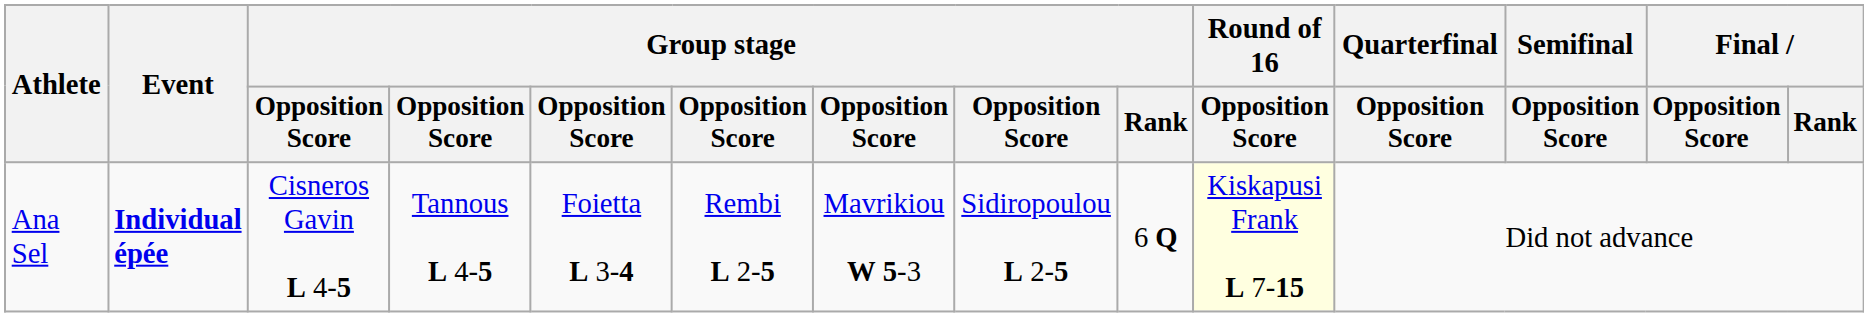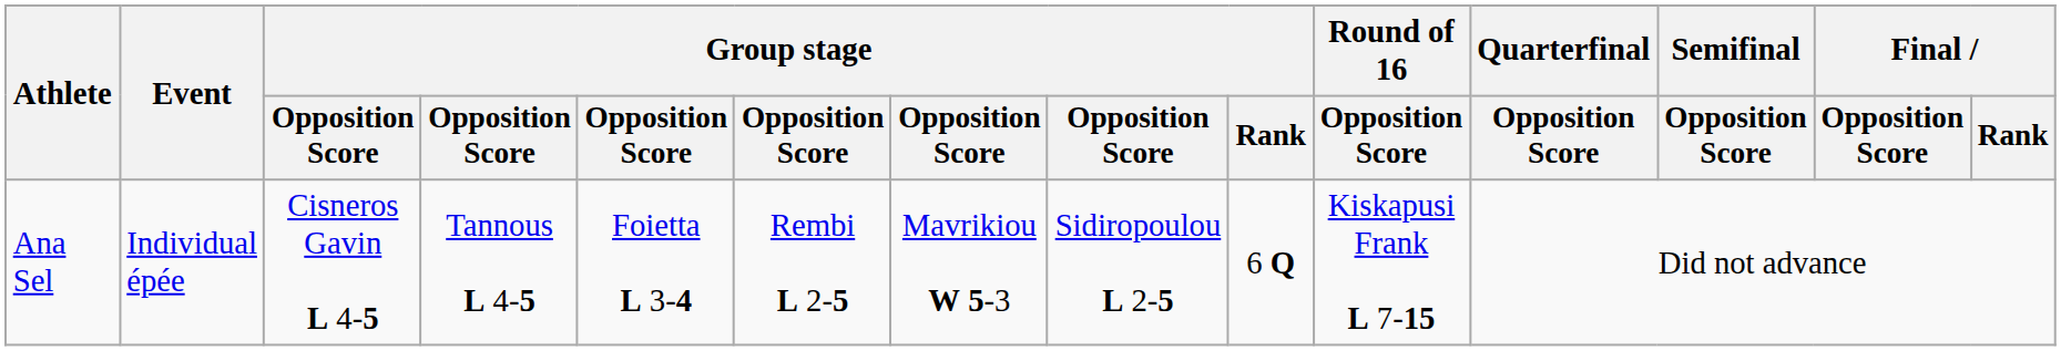 <table class=wikitable style="font-size:90%">
 <tr>
 <th rowspan=2>Athlete</th>
 <th rowspan=2>Event</th>
 <th colspan=7>Group stage</th>
 <th>Round of 16</th>
 <th>Quarterfinal</th>
 <th>Semifinal</th>
 <th colspan=2>Final / </th>
 </tr>
 <tr style="font-size:95%">
 <th>Opposition<br>Score</th>
 <th>Opposition<br>Score</th>
 <th>Opposition<br>Score</th>
 <th>Opposition<br>Score</th>
 <th>Opposition<br>Score</th>
 <th>Opposition<br>Score</th>
 <th>Rank</th>
 <th>Opposition<br>Score</th>
 <th>Opposition<br>Score</th>
 <th>Opposition<br>Score</th>
 <th>Opposition<br>Score</th>
 <th>Rank</th>
 </tr>
 <tr align=center>
 <td align=left><a href='#'>Ana Sel</a></td>
-<td align=left><strong><a href='#'>Individual épée</a></strong></td>
+<td align=left><a href='#'>Individual épée</a></td>
 <td><a href='#'>Cisneros Gavin</a><br><br><strong>L</strong> 4-<strong>5</strong></td>
 <td><a href='#'>Tannous</a><br><br><strong>L</strong> 4-<strong>5</strong></td>
 <td><a href='#'>Foietta</a><br><br><strong>L</strong> 3-<strong>4</strong></td>
 <td><a href='#'>Rembi</a><br><br><strong>L</strong> 2-<strong>5</strong></td>
 <td><a href='#'>Mavrikiou</a><br><br><strong>W</strong> <strong>5</strong>-3</td>
 <td><a href='#'>Sidiropoulou</a><br><br><strong>L</strong> 2-<strong>5</strong></td>
 <td>6 <strong>Q</strong></td>
-<td style="background: lightyellow;"><a href='#'>Kiskapusi Frank</a><br><br><strong>L</strong> 7-<strong>15</strong></td>
+<td><a href='#'>Kiskapusi Frank</a><br><br><strong>L</strong> 7-<strong>15</strong></td>
 <td colspan=4>Did not advance</td>
 </tr>
 </table>
